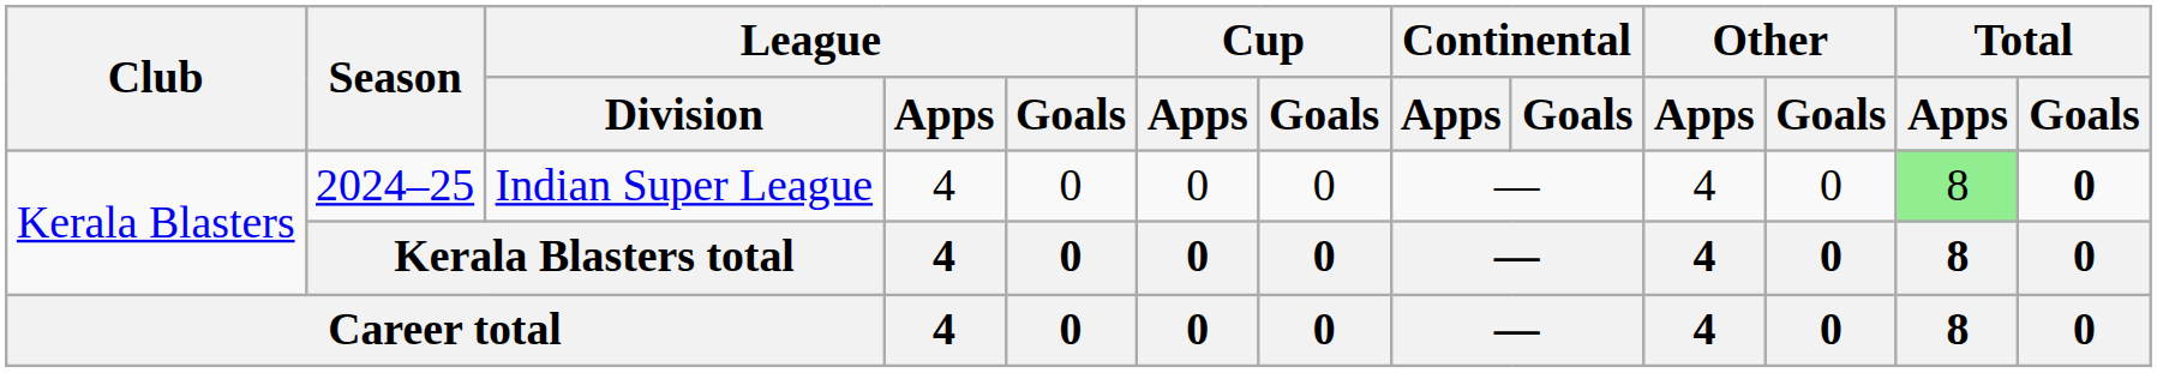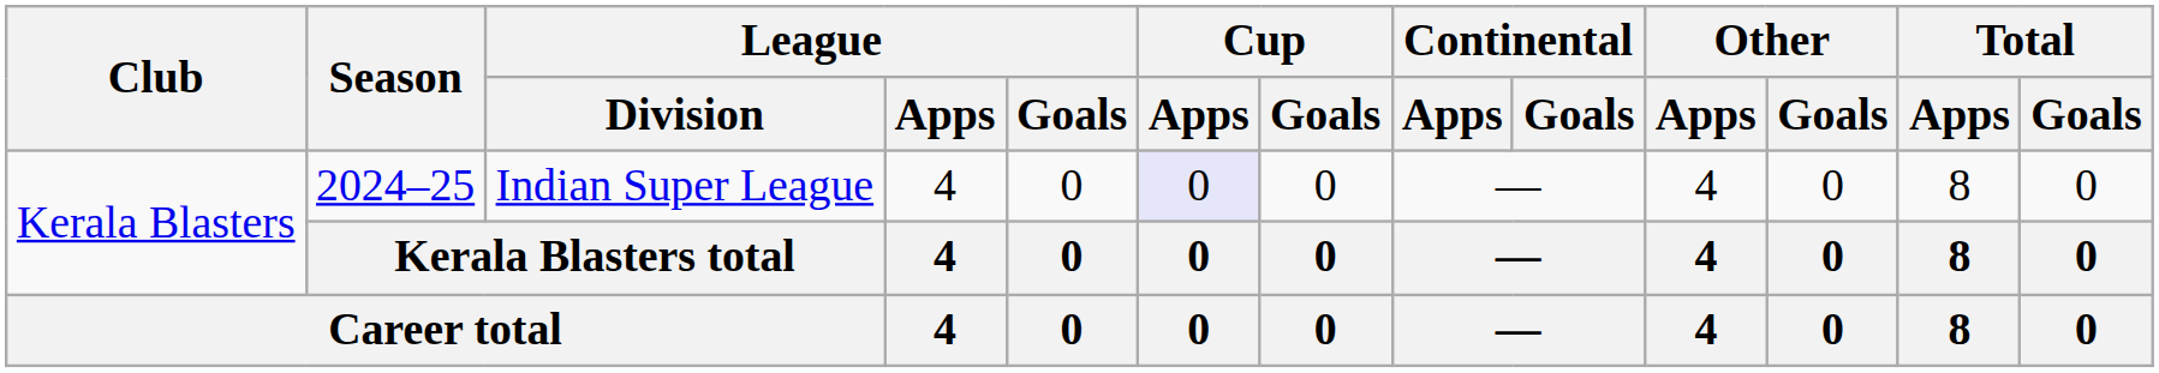 <table class="wikitable" style="text-align: center;">
 <tr>
 <th rowspan="2">Club</th>
 <th rowspan="2">Season</th>
 <th colspan="3">League</th>
 <th colspan="2">Cup</th>
 <th colspan="2">Continental</th>
 <th colspan="2">Other</th>
 <th colspan="2">Total</th>
 </tr>
 <tr>
 <th>Division</th>
 <th>Apps</th>
 <th>Goals</th>
 <th>Apps</th>
 <th>Goals</th>
 <th>Apps</th>
 <th>Goals</th>
 <th>Apps</th>
 <th>Goals</th>
 <th>Apps</th>
 <th>Goals</th>
 </tr>
 <tr>
 <td rowspan="2"><a href='#'>Kerala Blasters</a></td>
 <td><a href='#'>2024–25</a></td>
 <td><a href='#'>Indian Super League</a></td>
 <td>4</td>
 <td>0</td>
-<td>0</td>
+<td style="background: lavender;">0</td>
 <td>0</td>
 <td colspan="2">—</td>
 <td>4</td>
 <td>0</td>
-<td style="background: lightgreen;">8</td>
-<td><strong>0</strong></td>
+<td>8</td>
+<td>0</td>
 </tr>
 <tr>
 <th colspan="2">Kerala Blasters total</th>
 <th>4</th>
 <th>0</th>
 <th>0</th>
 <th>0</th>
 <th colspan="2"><strong>—</strong></th>
 <th>4</th>
 <th>0</th>
 <th>8</th>
 <th>0</th>
 </tr>
 <tr>
 <th colspan="3">Career total</th>
 <th>4</th>
 <th>0</th>
 <th>0</th>
 <th>0</th>
 <th colspan="2"><strong>—</strong></th>
 <th>4</th>
 <th>0</th>
 <th>8</th>
 <th>0</th>
 </tr>
 </table>
